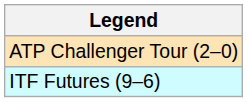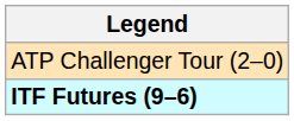 <table class=wikitable style=font-size:90%>
 <tr>
 <th>Legend</th>
 </tr>
 <tr bgcolor=moccasin>
 <td>ATP Challenger Tour (2–0)</td>
 </tr>
 <tr bgcolor=CFFCFF>
-<td>ITF Futures (9–6)</td>
+<td><strong>ITF Futures (9–6)</strong></td>
 </tr>
 </table>
